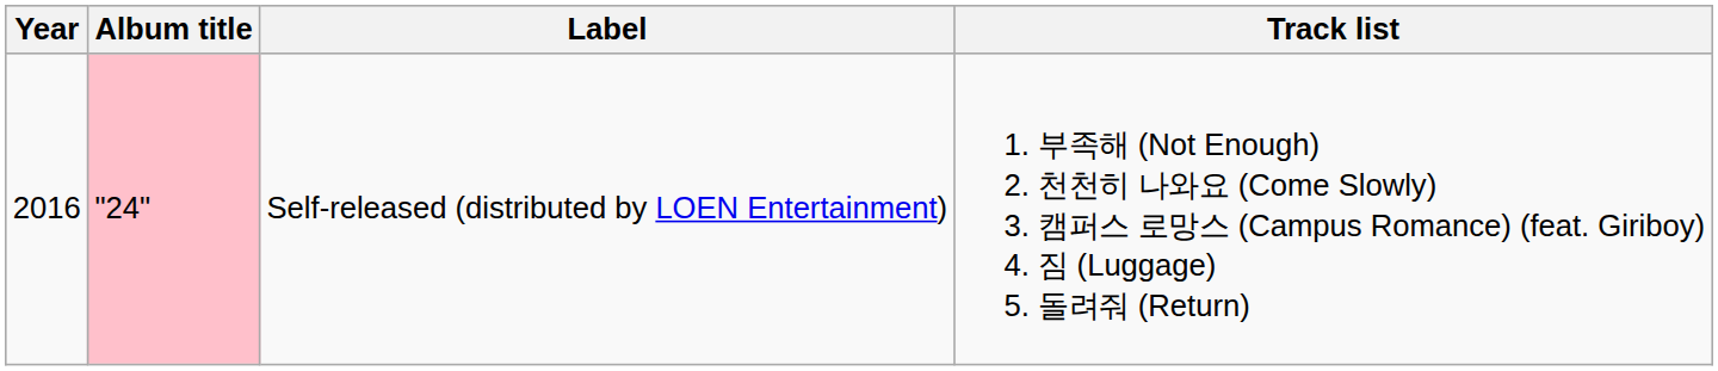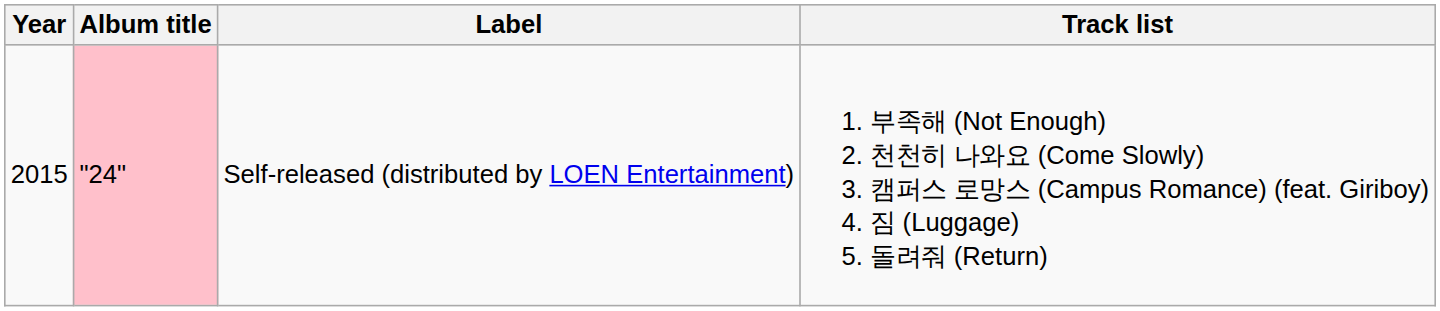 <table class="wikitable">
 <tr>
 <th>Year</th>
 <th>Album title</th>
 <th>Label</th>
 <th>Track list</th>
 </tr>
 <tr>
-<td>2016</td>
+<td>2015</td>
 <td style="background: pink;">"24"</td>
 <td>Self-released (distributed by <a href='#'>LOEN Entertainment</a>)</td>
 <td><br><ol><li>부족해 (Not Enough)</li><li>천천히 나와요 (Come Slowly)</li><li>캠퍼스 로망스 (Campus Romance) (feat. Giriboy)</li><li>짐 (Luggage)</li><li>돌려줘 (Return)</li></ol></td>
 </tr>
 </table>
